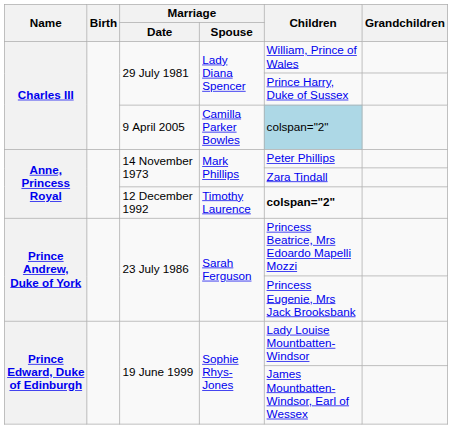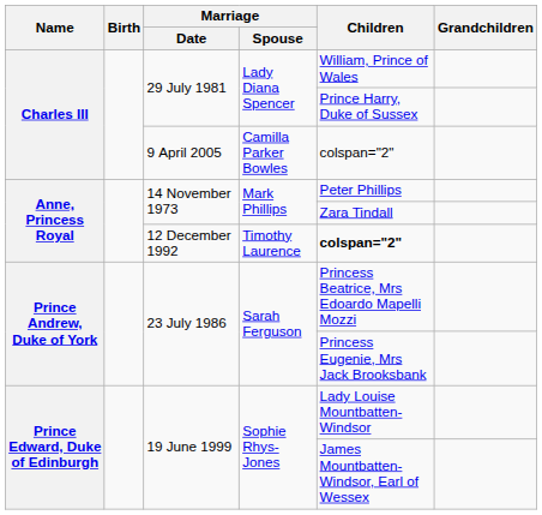 <table class="wikitable plainrowheaders">
 <tr>
 <th rowspan="2" scope="col">Name</th>
 <th rowspan="2" scope="col">Birth</th>
 <th colspan="2" scope="col">Marriage</th>
 <th rowspan="2" scope="col">Children</th>
 <th rowspan="2" scope="col">Grandchildren</th>
 </tr>
 <tr>
 <th scope="col">Date</th>
 <th scope="col">Spouse</th>
 </tr>
 <tr>
 <th rowspan="3" scope="row"><a href='#'>Charles&nbsp;III</a></th>
 <td rowspan="3"></td>
 <td rowspan="2">29 July 1981 </td>
 <td rowspan="2"><a href='#'>Lady Diana Spencer</a></td>
 <td><a href='#'>William, Prince of Wales</a></td>
 <td></td>
 </tr>
 <tr>
 <td><a href='#'>Prince Harry, Duke of Sussex</a></td>
 <td></td>
 </tr>
 <tr>
 <td>9 April 2005</td>
 <td><a href='#'>Camilla Parker Bowles</a></td>
-<td style="background: lightblue;">colspan="2" </td>
+<td>colspan="2" </td>
 </tr>
 <tr>
 <th rowspan="3" scope="row"><a href='#'>Anne, Princess Royal</a></th>
 <td rowspan="3"></td>
 <td rowspan="2">14 November 1973 </td>
 <td rowspan="2"><a href='#'>Mark Phillips</a></td>
 <td><a href='#'>Peter Phillips</a></td>
 <td></td>
 </tr>
 <tr>
 <td><a href='#'>Zara Tindall</a></td>
 <td></td>
 </tr>
 <tr>
 <td>12 December 1992</td>
 <td><a href='#'>Timothy Laurence</a></td>
 <td><strong>colspan="2" </strong></td>
 </tr>
 <tr>
 <th rowspan="2" scope="row"><a href='#'>Prince Andrew, Duke of York</a></th>
 <td rowspan="2"></td>
 <td rowspan="2">23 July 1986 </td>
 <td rowspan="2"><a href='#'>Sarah Ferguson</a></td>
 <td><a href='#'>Princess Beatrice, Mrs Edoardo Mapelli Mozzi</a></td>
 <td></td>
 </tr>
 <tr>
 <td><a href='#'>Princess Eugenie, Mrs Jack Brooksbank</a></td>
 <td></td>
 </tr>
 <tr>
 <th rowspan="2" scope="row"><a href='#'>Prince Edward, Duke of Edinburgh</a></th>
 <td rowspan="2"></td>
 <td rowspan="2">19 June 1999</td>
 <td rowspan="2"><a href='#'>Sophie Rhys-Jones</a></td>
 <td><a href='#'>Lady Louise Mountbatten-Windsor</a></td>
 <td></td>
 </tr>
 <tr>
 <td><a href='#'>James Mountbatten-Windsor, Earl of Wessex</a></td>
 <td></td>
 </tr>
 </table>
